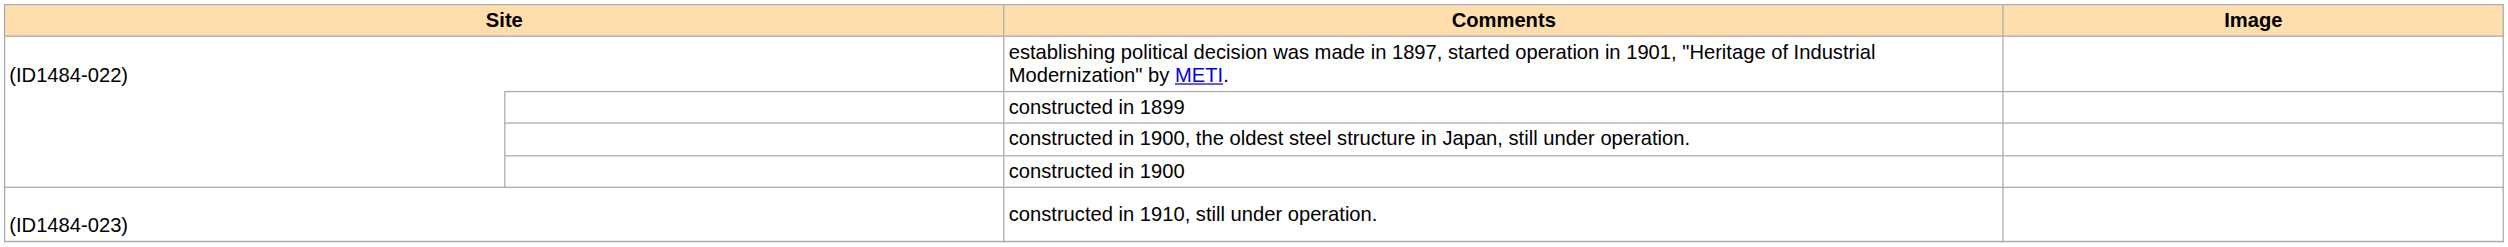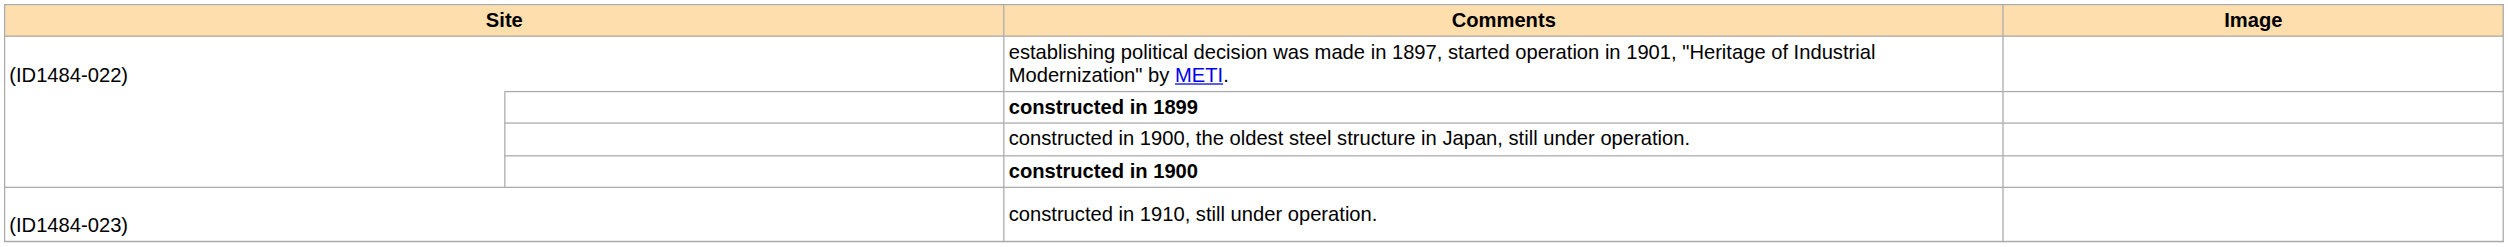 <table class="wikitable sortable"  width="100%" style="background:#ffffff;">
 <tr>
 <th colspan="2" width="40%" align="left" style="background:#ffdead;">Site</th>
 <th width="40%" align="left" style="background:#ffdead;" class="unsortable">Comments</th>
 <th width="20" align="left" style="background:#ffdead;" class="unsortable">Image</th>
 </tr>
 <tr>
 <td colspan="2" width="40%"><br>(ID1484-022)</td>
 <td>establishing political decision was made in 1897, started operation in 1901, "Heritage of Industrial Modernization" by <a href='#'>METI</a>.</td>
 <td></td>
 </tr>
 <tr>
 <td rowspan="3" style="border-top:hidden"></td>
 <td width="20%"></td>
-<td>constructed in 1899</td>
+<td><strong>constructed in 1899</strong></td>
 <td></td>
 </tr>
 <tr>
 <td width="20%"></td>
 <td>constructed in 1900, the oldest steel structure in Japan, still under operation.</td>
 <td></td>
 </tr>
 <tr>
 <td width="20%"></td>
-<td>constructed in 1900</td>
+<td><strong>constructed in 1900</strong></td>
 <td></td>
 </tr>
 <tr>
 <td colspan="2"><br>(ID1484-023)</td>
 <td>constructed in 1910, still under operation.</td>
 <td></td>
 </tr>
 <tr>
 </tr>
 </table>
